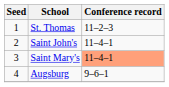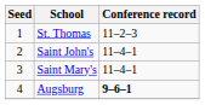 <table class="wikitable">
 <tr>
 <th>Seed</th>
 <th>School</th>
 <th>Conference record</th>
 </tr>
 <tr>
 <td align=center>1</td>
 <td><a href='#'>St. Thomas</a></td>
 <td>11–2–3</td>
 </tr>
 <tr>
 <td align=center>2</td>
 <td><a href='#'>Saint John's</a></td>
 <td>11–4–1</td>
 </tr>
 <tr>
 <td align=center>3</td>
 <td><a href='#'>Saint Mary's</a></td>
-<td style="background: lightsalmon;">11–4–1</td>
+<td>11–4–1</td>
 </tr>
 <tr>
 <td align=center>4</td>
 <td><a href='#'>Augsburg</a></td>
-<td>9–6–1</td>
+<td><strong>9–6–1</strong></td>
 </tr>
 <tr>
 </tr>
 </table>
